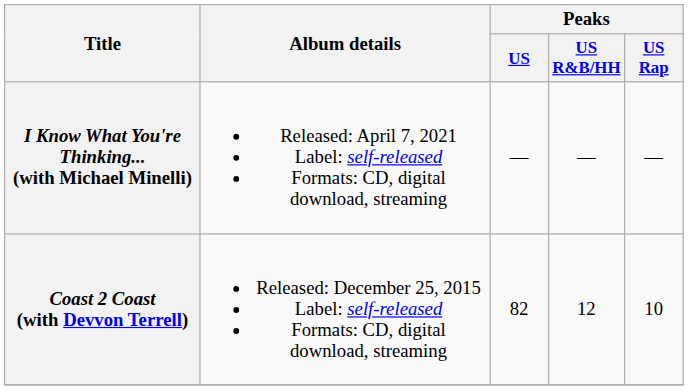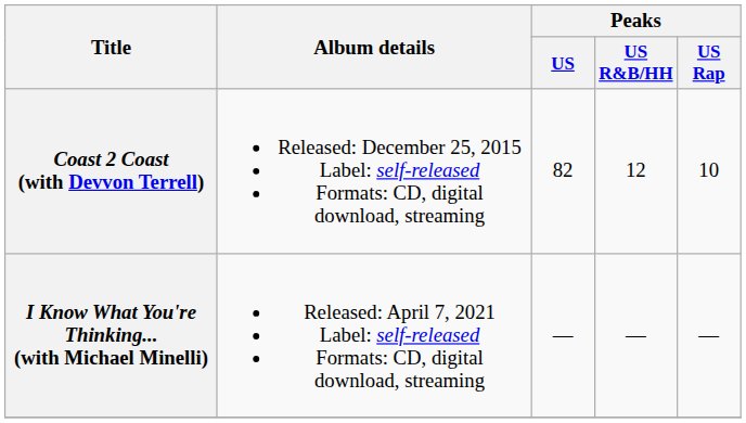 <table class="wikitable plainrowheaders" style="text-align:center;">
 <tr>
 <th scope="col" rowspan="2" style="width:10em;">Title</th>
 <th scope="col" rowspan="2" style="width:15em;">Album details</th>
 <th scope="col" colspan="3">Peaks</th>
 </tr>
 <tr>
 <th scope="col" style="width:3em;font-size:90%;"><a href='#'>US</a><br></th>
 <th scope="col" style="width:3em;font-size:90%;"><a href='#'>US R&B/HH</a><br></th>
 <th scope="col" style="width:3em;font-size:90%;"><a href='#'>US<br>Rap</a><br></th>
 </tr>
 <tr>
+<th scope="row"><em>Coast 2 Coast</em><br><span>(with <a href='#'>Devvon Terrell</a>)</span></th>
+<td><br><ul><li>Released: December 25, 2015</li><li>Label: <em><a href='#'>self-released</a></em></li><li>Formats: CD, digital download, streaming</li></ul></td>
+<td>82</td>
+<td>12</td>
+<td>10</td>
+</tr>
+<tr>
 <th scope="row"><em>I Know What You're Thinking...</em><br><span>(with Michael Minelli)</span></th>
 <td><br><ul><li>Released: April 7, 2021</li><li>Label: <em><a href='#'>self-released</a></em></li><li>Formats: CD, digital download, streaming</li></ul></td>
 <td>—</td>
 <td>—</td>
 <td>—</td>
 </tr>
 <tr>
-<th scope="row"><em>Coast 2 Coast</em><br><span>(with <a href='#'>Devvon Terrell</a>)</span></th>
-<td><br><ul><li>Released: December 25, 2015</li><li>Label: <em><a href='#'>self-released</a></em></li><li>Formats: CD, digital download, streaming</li></ul></td>
-<td>82</td>
-<td>12</td>
-<td>10</td>
-</tr>
-<tr>
 </tr>
 </table>
